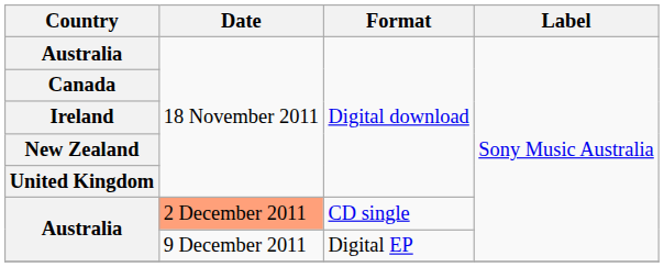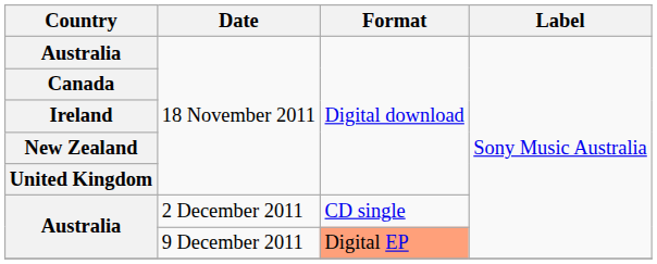 <table class="wikitable plainrowheaders">
 <tr>
 <th scope="col">Country</th>
 <th scope="col">Date</th>
 <th scope="col">Format</th>
 <th scope="col">Label</th>
 </tr>
 <tr>
 <th scope="row">Australia</th>
 <td rowspan="5">18 November 2011</td>
 <td rowspan="5"><a href='#'>Digital download</a></td>
 <td rowspan="7"><a href='#'>Sony Music Australia</a></td>
 </tr>
 <tr>
 <th scope="row">Canada</th>
 </tr>
 <tr>
 <th scope="row">Ireland</th>
 </tr>
 <tr>
 <th scope="row">New Zealand</th>
 </tr>
 <tr>
 <th scope="row">United Kingdom</th>
 </tr>
 <tr>
 <th scope="row" rowspan="2">Australia</th>
-<td style="background: lightsalmon;">2 December 2011</td>
+<td>2 December 2011</td>
 <td><a href='#'>CD single</a></td>
 </tr>
 <tr>
 <td>9 December 2011</td>
-<td>Digital <a href='#'>EP</a></td>
+<td style="background: lightsalmon;">Digital <a href='#'>EP</a></td>
 </tr>
 <tr>
 </tr>
 </table>
